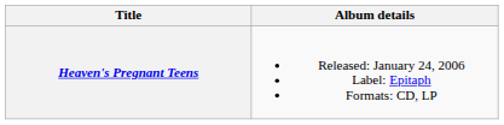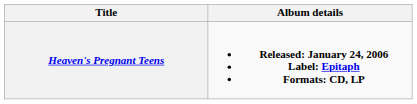 <table class="wikitable plainrowheaders" style="text-align:center;">
 <tr>
 <th scope="col" style="width:18em;">Title</th>
 <th scope="col" style="width:18em;">Album details</th>
 </tr>
 <tr>
 <th scope="row"><em><a href='#'>Heaven's Pregnant Teens</a></em></th>
-<td><br><ul><li>Released: January 24, 2006</li><li>Label: <a href='#'>Epitaph</a></li><li>Formats: CD, LP</li></ul></td>
+<td><strong><br><ul><li>Released: January 24, 2006</li><li>Label: <a href='#'>Epitaph</a></li><li>Formats: CD, LP</li></ul></strong></td>
 </tr>
 </table>
